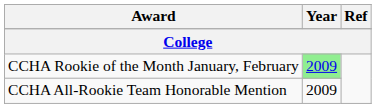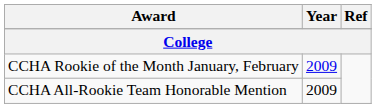 <table class="wikitable">
 <tr>
 <th>Award</th>
 <th>Year</th>
 <th>Ref</th>
 </tr>
 <tr>
 </tr>
 <tr>
 <th colspan="3"><a href='#'>College</a></th>
 </tr>
 <tr>
 <td>CCHA Rookie of the Month January, February</td>
-<td style="background: lightgreen;"><a href='#'>2009</a></td>
+<td><a href='#'>2009</a></td>
 <td rowspan="2"></td>
 </tr>
 <tr>
 <td>CCHA All-Rookie Team Honorable Mention</td>
 <td>2009</td>
 </tr>
 </table>
